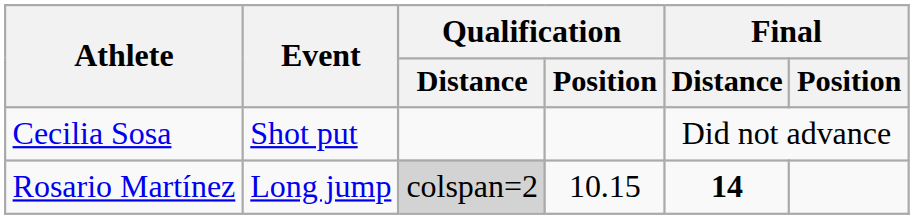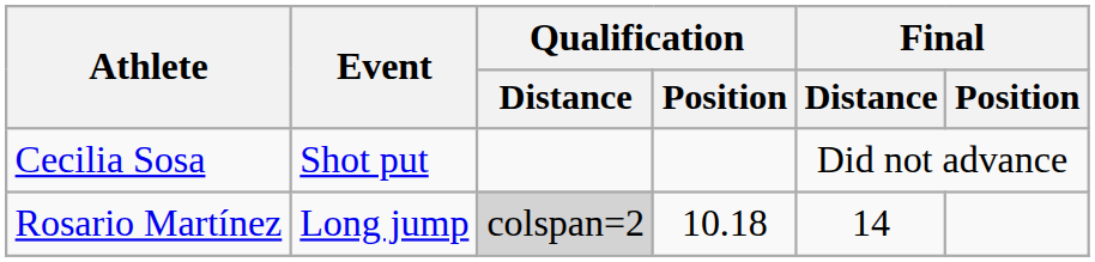 <table class=wikitable style="font-size:90%">
 <tr>
 <th rowspan=2>Athlete</th>
 <th rowspan=2>Event</th>
 <th colspan=2>Qualification</th>
 <th colspan=2>Final</th>
 </tr>
 <tr style="font-size:95%">
 <th>Distance</th>
 <th>Position</th>
 <th>Distance</th>
 <th>Position</th>
 </tr>
 <tr align=center>
 <td align=left><a href='#'>Cecilia Sosa</a></td>
 <td align=left><a href='#'>Shot put</a></td>
 <td></td>
 <td></td>
 <td colspan=2>Did not advance</td>
 </tr>
 <tr align=center>
 <td align=left><a href='#'>Rosario Martínez</a></td>
 <td align=left><a href='#'>Long jump</a></td>
 <td style="background: lightgrey;">colspan=2 </td>
-<td>10.15</td>
-<td><strong>14</strong></td>
+<td>10.18</td>
+<td>14</td>
 </tr>
 </table>
